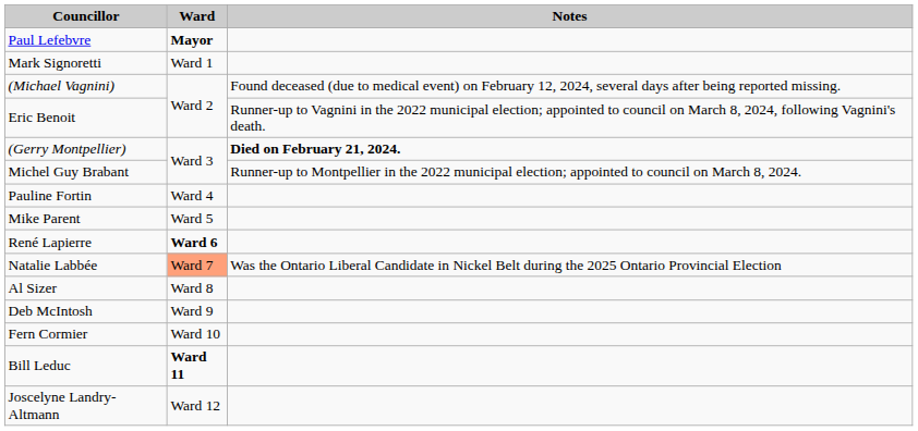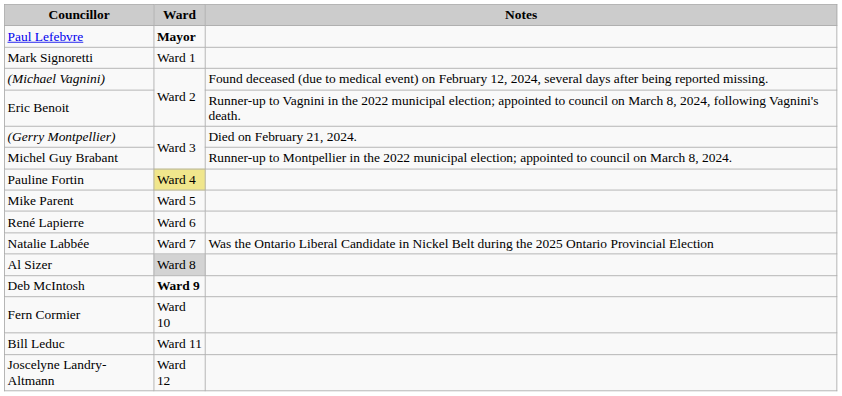 <table class="wikitable" width=50%>
 <tr>
 <th style="background:#cccccc;"><strong>Councillor</strong></th>
 <th style="background:#cccccc;"><strong>Ward</strong></th>
 <th style="background:#cccccc;"><strong>Notes</strong></th>
 </tr>
 <tr>
 <td><a href='#'>Paul Lefebvre</a></td>
 <td><strong>Mayor</strong></td>
 <td></td>
 </tr>
 <tr>
 <td>Mark Signoretti</td>
 <td>Ward 1</td>
 <td></td>
 </tr>
 <tr>
 <td><em>(Michael Vagnini)</em></td>
 <td rowspan=2>Ward 2</td>
 <td>Found deceased (due to medical event)  on February 12, 2024, several days after being reported missing.</td>
 </tr>
 <tr>
 <td>Eric Benoit</td>
 <td>Runner-up to Vagnini in the 2022 municipal election; appointed to council on March 8, 2024, following Vagnini's death.</td>
 </tr>
 <tr>
 <td><em>(Gerry Montpellier)</em></td>
 <td rowspan=2>Ward 3</td>
-<td><strong>Died on February 21, 2024.</strong></td>
+<td>Died on February 21, 2024.</td>
 </tr>
 <tr>
 <td>Michel Guy Brabant</td>
 <td>Runner-up to Montpellier in the 2022 municipal election; appointed to council on March 8, 2024.</td>
 </tr>
 <tr>
 <td>Pauline Fortin</td>
-<td>Ward 4</td>
+<td style="background: khaki;">Ward 4</td>
 <td></td>
 </tr>
 <tr>
 <td>Mike Parent</td>
 <td>Ward 5</td>
 <td></td>
 </tr>
 <tr>
 <td>René Lapierre</td>
-<td><strong>Ward 6</strong></td>
+<td>Ward 6</td>
 <td></td>
 </tr>
 <tr>
 <td>Natalie Labbée</td>
-<td style="background: lightsalmon;">Ward 7</td>
+<td>Ward 7</td>
 <td>Was the Ontario Liberal Candidate in Nickel Belt during the 2025 Ontario Provincial Election</td>
 </tr>
 <tr>
 <td>Al Sizer</td>
-<td>Ward 8</td>
+<td style="background: lightgrey;">Ward 8</td>
 <td></td>
 </tr>
 <tr>
 <td>Deb McIntosh</td>
-<td>Ward 9</td>
+<td><strong>Ward 9</strong></td>
 <td></td>
 </tr>
 <tr>
 <td>Fern Cormier</td>
 <td>Ward 10</td>
 <td></td>
 </tr>
 <tr>
 <td>Bill Leduc</td>
-<td><strong>Ward 11</strong></td>
+<td>Ward 11</td>
 <td></td>
 </tr>
 <tr>
 <td>Joscelyne Landry-Altmann</td>
 <td>Ward 12</td>
 <td></td>
 </tr>
 </table>
